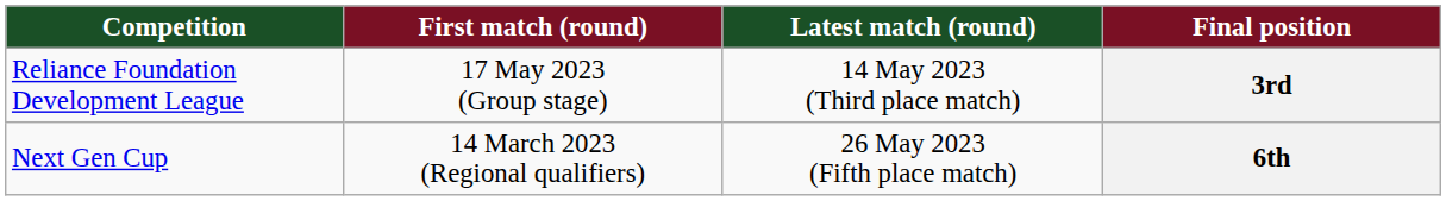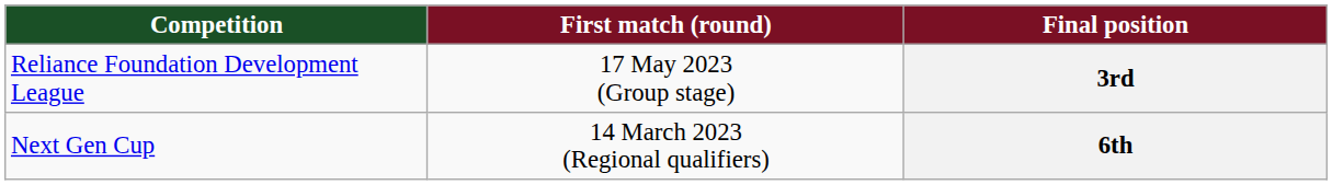 <table class="wikitable" style="text-align:center; width:850px;">
 <tr>
 <th style="text-align:center; width:150px; background:#1A5026; color:#FFFFFF; ">Competition</th>
 <th style="text-align:center; width:170px; background:#7A1024; color:#FFFFFF; ">First match (round)</th>
-<th style="text-align:center; width:170px; background:#1A5026; color:#FFFFFF; ">Latest match (round)</th>
 <th style="text-align:center; width:150px; background:#7A1024; color:#FFFFFF; ">Final position</th>
 </tr>
 <tr>
 <td style="text-align:left;"><a href='#'>Reliance Foundation Development League </a></td>
 <td>17 May 2023<br>(Group stage)</td>
-<td>14 May 2023<br>(Third place match)</td>
 <th style="background:Bronze">3rd</th>
 </tr>
 <tr>
 <td style="text-align:left;"><a href='#'>Next Gen Cup</a></td>
 <td>14 March 2023<br>(Regional qualifiers)</td>
-<td>26 May 2023<br>(Fifth place match)</td>
 <th><strong>6th</strong></th>
 </tr>
 </table>
